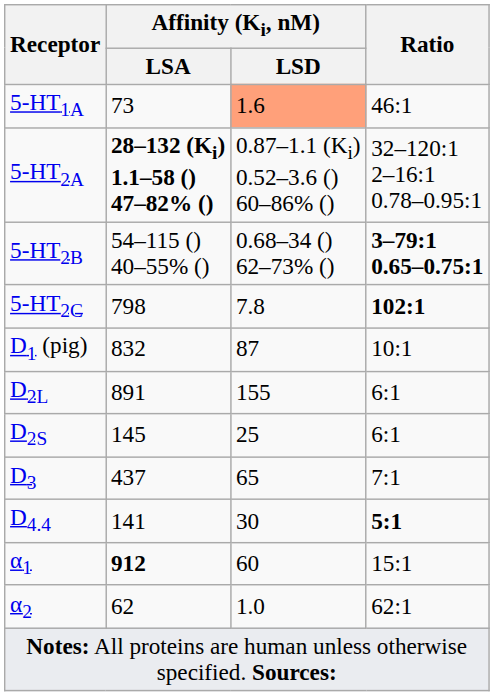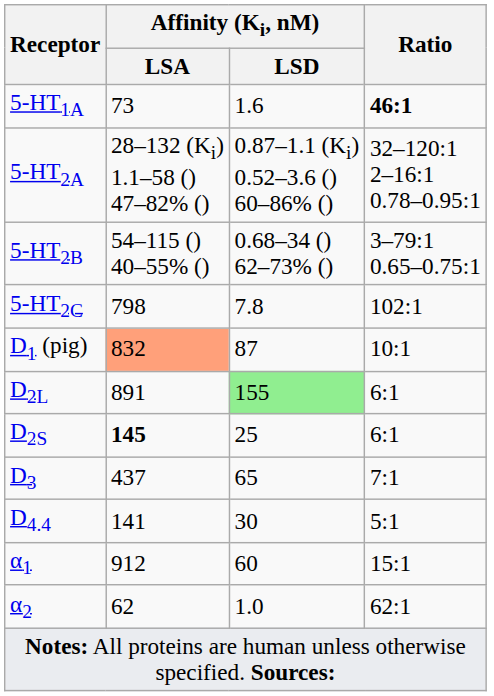 <table class="wikitable floatright">
 <tr>
 <th rowspan="2">Receptor</th>
 <th colspan="2">Affinity (K<sub>i</sub>, nM)</th>
 <th rowspan="2">Ratio</th>
 </tr>
 <tr>
 <th>LSA</th>
 <th>LSD</th>
 </tr>
 <tr>
 <td><a href='#'>5-HT<sub>1A</sub></a></td>
 <td>73</td>
-<td style="background: lightsalmon;">1.6</td>
-<td>46:1</td>
+<td>1.6</td>
+<td><strong>46:1</strong></td>
 </tr>
 <tr>
 <td><a href='#'>5-HT<sub>2A</sub></a></td>
-<td><strong>28–132 (K<sub>i</sub>)<br>1.1–58 ()<br>47–82% ()</strong></td>
+<td>28–132 (K<sub>i</sub>)<br>1.1–58 ()<br>47–82% ()</td>
 <td>0.87–1.1 (K<sub>i</sub>)<br>0.52–3.6 ()<br>60–86% ()</td>
 <td>32–120:1<br>2–16:1<br>0.78–0.95:1</td>
 </tr>
 <tr>
 <td><a href='#'>5-HT<sub>2B</sub></a></td>
 <td>54–115 ()<br>40–55% ()</td>
 <td>0.68–34 ()<br>62–73% ()</td>
-<td><strong>3–79:1<br>0.65–0.75:1</strong></td>
+<td>3–79:1<br>0.65–0.75:1</td>
 </tr>
 <tr>
 <td><a href='#'>5-HT<sub>2C</sub></a></td>
 <td>798</td>
 <td>7.8</td>
-<td><strong>102:1</strong></td>
+<td>102:1</td>
 </tr>
 <tr>
 <td><a href='#'>D<sub>1</sub></a> (pig)</td>
-<td>832</td>
+<td style="background: lightsalmon;">832</td>
 <td>87</td>
 <td>10:1</td>
 </tr>
 <tr>
 <td><a href='#'>D<sub>2L</sub></a></td>
 <td>891</td>
-<td>155</td>
+<td style="background: lightgreen;">155</td>
 <td>6:1</td>
 </tr>
 <tr>
 <td><a href='#'>D<sub>2S</sub></a></td>
-<td>145</td>
+<td><strong>145</strong></td>
 <td>25</td>
 <td>6:1</td>
 </tr>
 <tr>
 <td><a href='#'>D<sub>3</sub></a></td>
 <td>437</td>
 <td>65</td>
 <td>7:1</td>
 </tr>
 <tr>
 <td><a href='#'>D<sub>4.4</sub></a></td>
 <td>141</td>
 <td>30</td>
-<td><strong>5:1</strong></td>
+<td>5:1</td>
 </tr>
 <tr>
 <td><a href='#'>α<sub>1</sub></a></td>
-<td><strong>912</strong></td>
+<td>912</td>
 <td>60</td>
 <td>15:1</td>
 </tr>
 <tr>
 <td><a href='#'>α<sub>2</sub></a></td>
 <td>62</td>
 <td>1.0</td>
 <td>62:1</td>
 </tr>
 <tr>
 <td colspan="4" style="width: 1px; background-color:#eaecf0; text-align: center;"><strong>Notes:</strong> All proteins are human unless otherwise specified. <strong>Sources:</strong> </td>
 </tr>
 </table>
